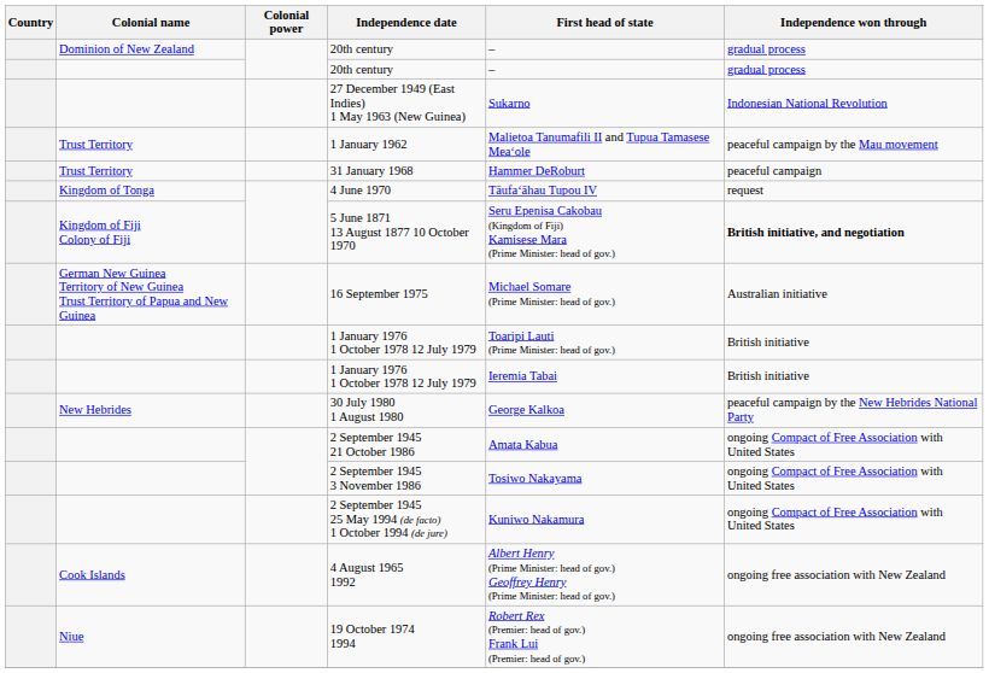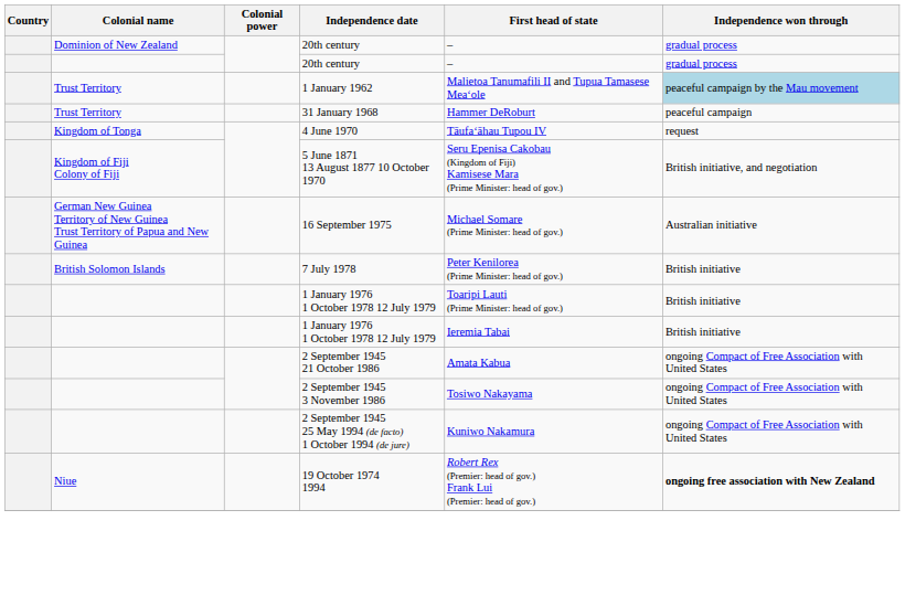 <table class="wikitable sortable plainrowheaders">
 <tr>
 <th scope="col">Country</th>
 <th scope="col">Colonial name</th>
 <th scope="col">Colonial power</th>
 <th scope="col">Independence date</th>
 <th scope="col">First head of state</th>
 <th scope="col">Independence won through</th>
 </tr>
 <tr>
 <th scope="row"></th>
 <td> <a href='#'>Dominion of New Zealand</a></td>
 <td rowspan="2"></td>
 <td data-sort-value="1900-00-00">20th century</td>
 <td>–</td>
 <td><a href='#'>gradual process</a></td>
 </tr>
 <tr>
 <th scope="row"></th>
 <td></td>
 <td data-sort-value="1900-00-01">20th century</td>
 <td>–</td>
 <td><a href='#'>gradual process</a></td>
 </tr>
 <tr>
 <th scope="row"></th>
-<td><br></td>
-<td></td>
-<td data-sort-value="1949-12-27">27 December 1949 (East Indies)<br>1 May 1963 (New Guinea)</td>
-<td><a href='#'>Sukarno</a></td>
-<td><a href='#'>Indonesian National Revolution</a></td>
-</tr>
-<tr>
-<th scope="row"></th>
 <td> <a href='#'>Trust Territory</a></td>
 <td></td>
 <td data-sort-value="1962-01-01">1 January 1962</td>
 <td><a href='#'>Malietoa Tanumafili II</a> and <a href='#'>Tupua Tamasese Meaʻole</a></td>
-<td>peaceful campaign by the <a href='#'>Mau movement</a></td>
+<td style="background: lightblue;">peaceful campaign by the <a href='#'>Mau movement</a></td>
 </tr>
 <tr>
 <th scope="row"></th>
 <td> <a href='#'>Trust Territory</a></td>
 <td></td>
 <td data-sort-value="1968-01-31">31 January 1968</td>
 <td><a href='#'>Hammer DeRoburt</a></td>
 <td>peaceful campaign</td>
 </tr>
 <tr>
 <th scope="row"></th>
 <td> <a href='#'>Kingdom of Tonga</a></td>
 <td rowspan="2"></td>
 <td data-sort-value="1970-06-04">4 June 1970</td>
 <td><a href='#'>Tāufaʻāhau Tupou IV</a></td>
 <td>request</td>
 </tr>
 <tr>
 <th scope="row"></th>
 <td> <a href='#'>Kingdom of Fiji</a><br><a href='#'>Colony of Fiji</a> <br></td>
 <td data-sort-value="1970-10-10">5 June 1871<br>13 August 1877 10 October 1970</td>
 <td><a href='#'>Seru Epenisa Cakobau</a><br><small>(Kingdom of Fiji)</small><br><a href='#'>Kamisese Mara</a><br><small>(Prime Minister: head of gov.)</small></td>
-<td><strong>British initiative, and negotiation</strong></td>
+<td>British initiative, and negotiation</td>
 </tr>
 <tr>
 <th scope="row"></th>
 <td> <a href='#'>German New Guinea</a><br> <a href='#'>Territory of New Guinea</a> <br>  <a href='#'>Trust Territory of Papua and New Guinea</a></td>
 <td><br> <br> </td>
 <td data-sort-value="1975-09-16">16 September 1975</td>
 <td><a href='#'>Michael Somare</a><br><small>(Prime Minister: head of gov.)</small></td>
 <td>Australian initiative</td>
+</tr>
+<tr>
+<th scope="row"></th>
+<td> <a href='#'>British Solomon Islands</a></td>
+<td></td>
+<td data-sort-value="1978-07-07">7 July 1978</td>
+<td><a href='#'>Peter Kenilorea</a><br><small>(Prime Minister: head of gov.)</small></td>
+<td>British initiative</td>
 </tr>
 <tr>
 <th scope="row"></th>
 <td></td>
 <td></td>
 <td data-sort-value="1978-10-01">1 January 1976<br>1 October 1978 12 July 1979</td>
 <td><a href='#'>Toaripi Lauti</a><br><small>(Prime Minister: head of gov.)</small></td>
 <td>British initiative</td>
 </tr>
 <tr>
 <th scope="row"></th>
 <td></td>
 <td></td>
 <td data-sort-value="1979-07-12">1 January 1976<br>1 October 1978 12 July 1979</td>
 <td><a href='#'>Ieremia Tabai</a></td>
 <td>British initiative</td>
-</tr>
-<tr>
-<th scope="row"></th>
-<td> <a href='#'>New Hebrides</a></td>
-<td><br></td>
-<td data-sort-value="1980-07-30">30 July 1980<br>1 August 1980</td>
-<td><a href='#'>George Kalkoa</a></td>
-<td>peaceful campaign by the <a href='#'>New Hebrides National Party</a></td>
 </tr>
 <tr>
 <th scope="row"></th>
 <td></td>
 <td rowspan="2"></td>
 <td data-sort-value="1986-10-21">2 September 1945<br>21 October 1986</td>
 <td><a href='#'>Amata Kabua</a></td>
 <td>ongoing <a href='#'>Compact of Free Association</a> with United States</td>
 </tr>
 <tr>
 <th scope="row"></th>
 <td></td>
 <td data-sort-value="1986-11-03">2 September 1945<br>3 November 1986</td>
 <td><a href='#'>Tosiwo Nakayama</a></td>
 <td>ongoing <a href='#'>Compact of Free Association</a> with United States</td>
 </tr>
 <tr>
 <th scope="row"></th>
 <td></td>
 <td></td>
 <td data-sort-value="1994-10-01">2 September 1945<br>25 May 1994 <small><em>(de facto)</em></small><br>1 October 1994 <small><em>(de jure)</em></small></td>
 <td><a href='#'>Kuniwo Nakamura</a></td>
 <td>ongoing <a href='#'>Compact of Free Association</a> with United States</td>
 </tr>
 <tr>
 <th scope="row"></th>
-<td><a href='#'>Cook Islands</a></td>
-<td></td>
-<td data-sort-value="2100-00-00">4 August 1965<br>1992</td>
-<td><em><a href='#'>Albert Henry</a></em><br><small>(Prime Minister: head of gov.)</small> <br><em><a href='#'>Geoffrey Henry</a></em><br><small>(Prime Minister: head of gov.)</small></td>
-<td>ongoing free association with New Zealand</td>
-</tr>
-<tr>
-<th scope="row"></th>
 <td><a href='#'>Niue</a></td>
 <td></td>
 <td data-sort-value="2100-00-01">19 October 1974<br>1994</td>
 <td><em><a href='#'>Robert Rex</a></em><br><small>(Premier: head of gov.)</small><br><a href='#'>Frank Lui</a><br><small>(Premier: head of gov.)</small></td>
-<td>ongoing free association with New Zealand</td>
+<td><strong>ongoing free association with New Zealand</strong></td>
 </tr>
 <tr>
 </tr>
 </table>
